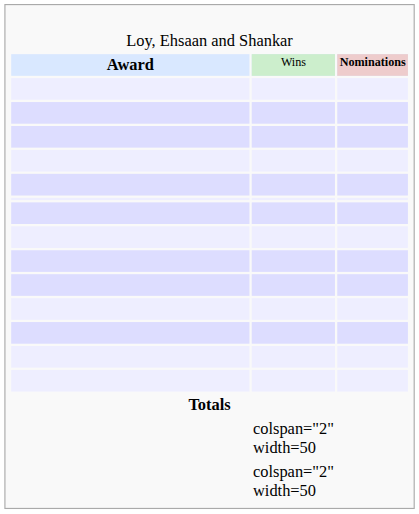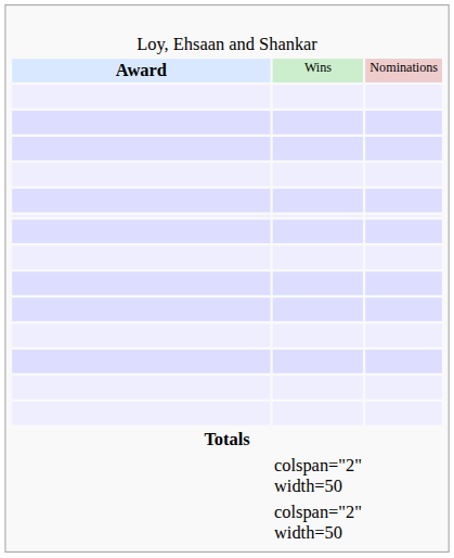 <table class="infobox" style="width: 25em; text-align: left; font-size: 90%; vertical-align: middle;">
 <tr>
 <td colspan="3" style="text-align:center;"><br>Loy, Ehsaan and Shankar</td>
 </tr>
 <tr style="background:#d9e8ff; text-align:center;">
 <th style="vertical-align: middle;">Award</th>
 <td style="background:#cec; font-size:8pt; width:60px;">Wins</td>
-<td style="background:#ecc; font-size:8pt; width:60px;"><strong>Nominations</strong></td>
+<td style="background:#ecc; font-size:8pt; width:60px;">Nominations</td>
 </tr>
 <tr style="background:#eef;">
 <td style="text-align:center;"><br></td>
 <td></td>
 <td></td>
 </tr>
 <tr style="background:#ddf;">
 <td style="text-align:center;"><br></td>
 <td></td>
 <td></td>
 </tr>
 <tr style="background:#ddf;">
 <td style="text-align:center;"><br></td>
 <td></td>
 <td></td>
 </tr>
 <tr style="background:#eef;">
 <td style="text-align:center;"><br></td>
 <td></td>
 <td></td>
 </tr>
 <tr style="background:#ddf;">
 <td style="text-align:center;"><br></td>
 <td></td>
 <td></td>
 </tr>
 <tr style="background:#eef;">
 <td style="text-align:center;"></td>
 <td></td>
 <td></td>
 </tr>
 <tr style="background:#ddf;">
 <td style="text-align:center;"><br></td>
 <td></td>
 <td></td>
 </tr>
 <tr style="background:#eef;">
 <td style="text-align:center;"><br></td>
 <td></td>
 <td></td>
 </tr>
 <tr style="background:#ddf;">
 <td style="text-align:center;"><br></td>
 <td></td>
 <td></td>
 </tr>
 <tr style="background:#ddf;">
 <td style="text-align:center;"><br></td>
 <td></td>
 <td></td>
 </tr>
 <tr style="background:#eef;">
 <td style="text-align:center;"><br></td>
 <td></td>
 <td></td>
 </tr>
 <tr style="background:#ddf;">
 <td style="text-align:center;"><br></td>
 <td></td>
 <td></td>
 </tr>
 <tr style="background:#eef;">
 <td style="text-align:center;"><br></td>
 <td></td>
 <td></td>
 </tr>
 <tr style="background:#eef;">
 <td style="text-align:center;"><br></td>
 <td></td>
 <td></td>
 </tr>
 <tr>
 <td colspan="3" style="text-align:center;"><strong>Totals</strong></td>
 </tr>
 <tr>
 <td></td>
 <td>colspan="2" width=50 </td>
 </tr>
 <tr>
 <td></td>
 <td>colspan="2" width=50 </td>
 </tr>
 </table>
